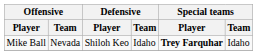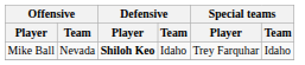 <table class="wikitable" border="1">
 <tr>
 <th colspan="2">Offensive</th>
 <th colspan="2">Defensive</th>
 <th colspan="2">Special teams</th>
 </tr>
 <tr>
 <th>Player</th>
 <th>Team</th>
 <th>Player</th>
 <th>Team</th>
 <th>Player</th>
 <th>Team</th>
 </tr>
 <tr>
 <td>Mike Ball</td>
 <td>Nevada</td>
-<td>Shiloh Keo</td>
+<td><strong>Shiloh Keo</strong></td>
 <td>Idaho</td>
-<td><strong>Trey Farquhar</strong></td>
+<td>Trey Farquhar</td>
 <td>Idaho</td>
 </tr>
 <tr>
 </tr>
 </table>
